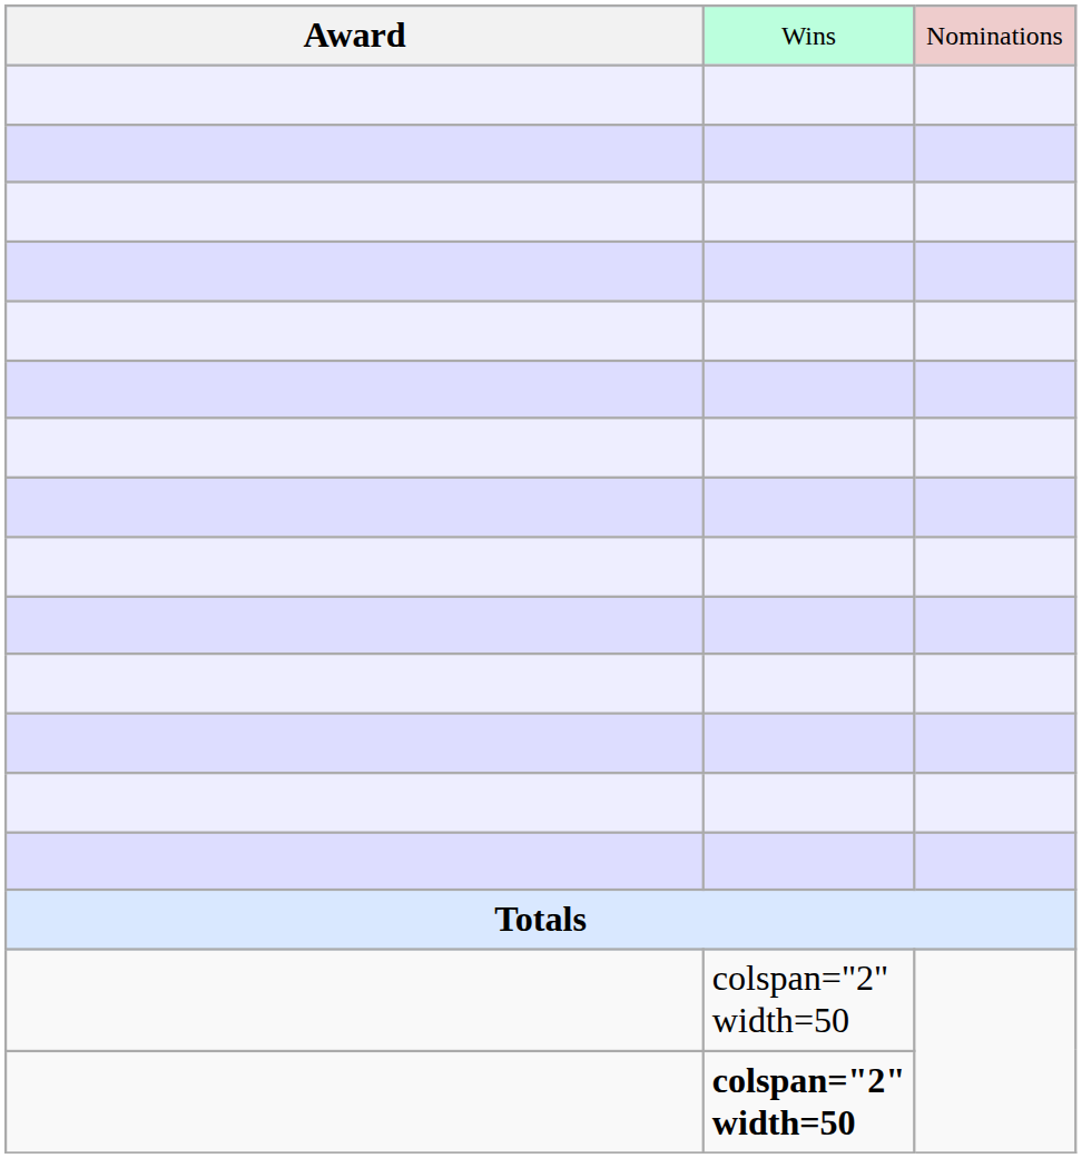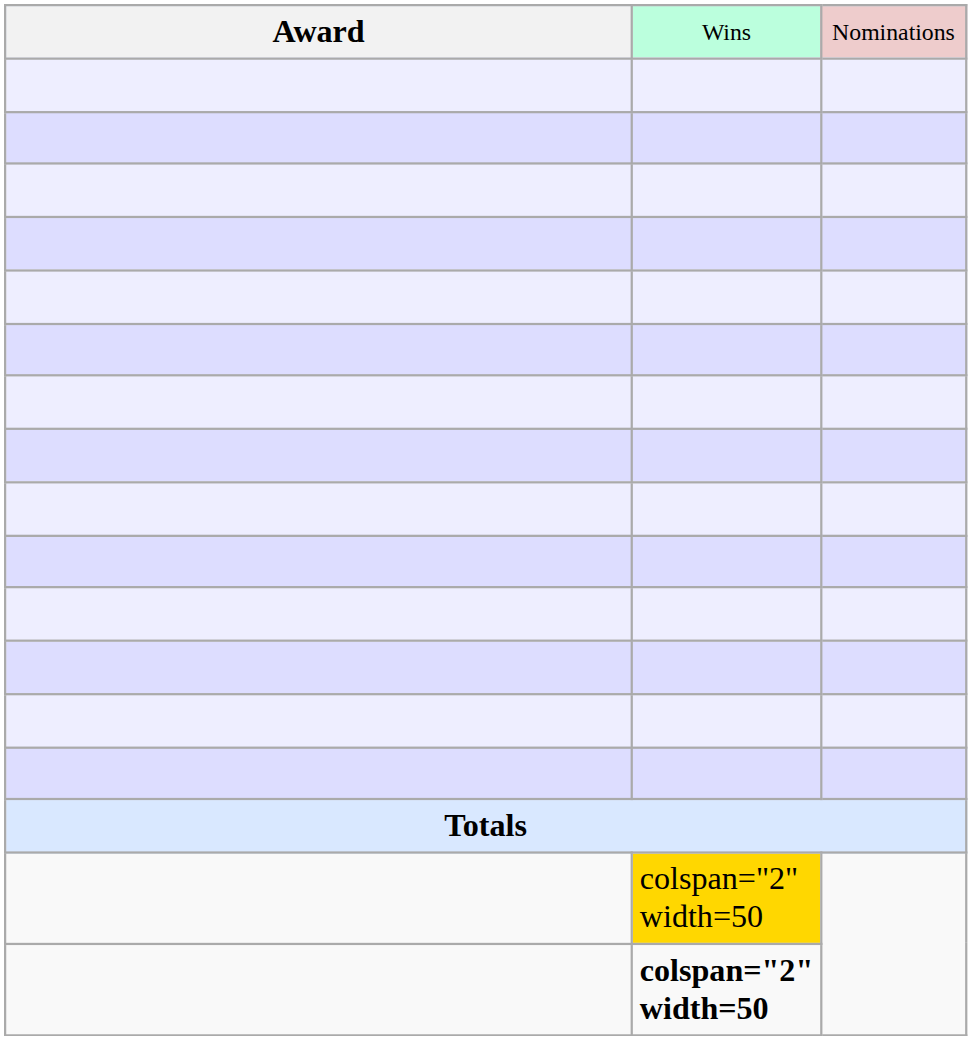 <table class=wikitable style="width: 30em; text-align: left; font-size: 90%; vertical-align: left;">
 <tr style="background:#d9e8ff; text-align:center;">
 <th style="vertical-align: middle;">Award</th>
 <td style="background:#bfd; font-size:8pt; width:60px;">Wins</td>
 <td style="background:#ecc; font-size:8pt; width:60px;">Nominations</td>
 </tr>
 <tr style="background:#eef;">
 <td style="text-align:center;"><br></td>
 <td></td>
 <td></td>
 </tr>
 <tr style="background:#ddf;">
 <td style="text-align:center;"><br></td>
 <td></td>
 <td></td>
 </tr>
 <tr style="background:#eef;">
 <td style="text-align:center;"><br></td>
 <td></td>
 <td></td>
 </tr>
 <tr style="background:#ddf;">
 <td style="text-align:center;"><br></td>
 <td></td>
 <td></td>
 </tr>
 <tr style="background:#eef;">
 <td style="text-align:center;"><br></td>
 <td></td>
 <td></td>
 </tr>
 <tr style="background:#ddf;">
 <td style="text-align:center;"><br></td>
 <td></td>
 <td></td>
 </tr>
 <tr style="background:#eef;">
 <td style="text-align:center;"><br></td>
 <td></td>
 <td></td>
 </tr>
 <tr style="background:#ddf;">
 <td style="text-align:center;"><br></td>
 <td></td>
 <td></td>
 </tr>
 <tr style="background:#eef;">
 <td style="text-align:center;"><br></td>
 <td></td>
 <td></td>
 </tr>
 <tr style="background:#ddf;">
 <td style="text-align:center;"><br></td>
 <td></td>
 <td></td>
 </tr>
 <tr style="background:#eef;">
 <td style="text-align:center;"><br></td>
 <td></td>
 <td></td>
 </tr>
 <tr style="background:#ddf;">
 <td style="text-align:center;"><br></td>
 <td></td>
 <td></td>
 </tr>
 <tr style="background:#eef;">
 <td style="text-align:center;"><br></td>
 <td></td>
 <td></td>
 </tr>
 <tr style="background:#ddf;">
 <td style="text-align:center;"><br></td>
 <td></td>
 <td></td>
 </tr>
 <tr style="background:#d9e8ff;">
 <td colspan="3" style="text-align:center;"><strong>Totals</strong></td>
 </tr>
 <tr>
 <td></td>
-<td>colspan="2" width=50 </td>
+<td style="background: gold;">colspan="2" width=50 </td>
 </tr>
 <tr>
 <td></td>
 <td><strong>colspan="2" width=50 </strong></td>
 </tr>
 </table>
